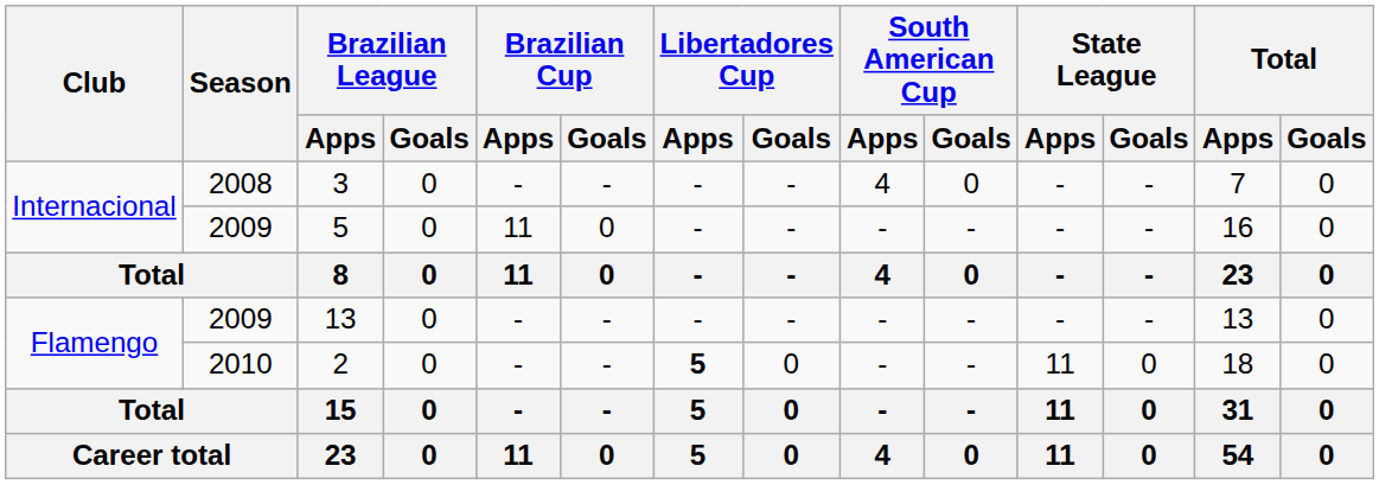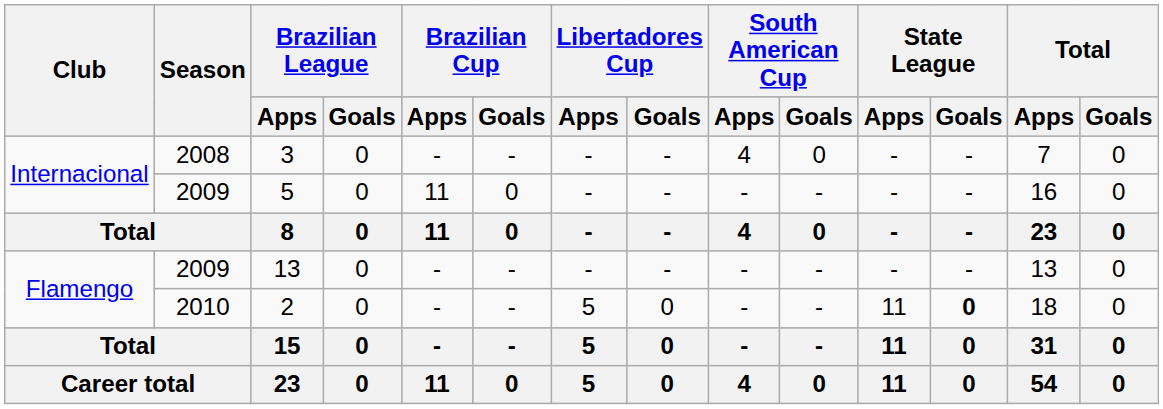 <table class="wikitable" style="text-align: center;">
 <tr>
 <th rowspan="2">Club</th>
 <th rowspan="2">Season</th>
 <th colspan="2"><a href='#'>Brazilian League</a></th>
 <th colspan="2"><a href='#'>Brazilian Cup</a></th>
 <th colspan="2"><a href='#'>Libertadores Cup</a></th>
 <th colspan="2"><a href='#'>South American Cup</a></th>
 <th colspan="2">State League</th>
 <th colspan="2">Total</th>
 </tr>
 <tr>
 <th>Apps</th>
 <th>Goals</th>
 <th>Apps</th>
 <th>Goals</th>
 <th>Apps</th>
 <th>Goals</th>
 <th>Apps</th>
 <th>Goals</th>
 <th>Apps</th>
 <th>Goals</th>
 <th>Apps</th>
 <th>Goals</th>
 </tr>
 <tr>
 <td rowspan="2" valign="center"><a href='#'>Internacional</a></td>
 <td>2008</td>
 <td>3</td>
 <td>0</td>
 <td>-</td>
 <td>-</td>
 <td>-</td>
 <td>-</td>
 <td>4</td>
 <td>0</td>
 <td>-</td>
 <td>-</td>
 <td>7</td>
 <td>0</td>
 </tr>
 <tr>
 <td>2009</td>
 <td>5</td>
 <td>0</td>
 <td>11</td>
 <td>0</td>
 <td>-</td>
 <td>-</td>
 <td>-</td>
 <td>-</td>
 <td>-</td>
 <td>-</td>
 <td>16</td>
 <td>0</td>
 </tr>
 <tr>
 <th colspan="2"><strong>Total</strong></th>
 <th>8</th>
 <th>0</th>
 <th>11</th>
 <th>0</th>
 <th>-</th>
 <th>-</th>
 <th>4</th>
 <th>0</th>
 <th>-</th>
 <th>-</th>
 <th>23</th>
 <th>0</th>
 </tr>
 <tr>
 <td rowspan="2" valign="center"><a href='#'>Flamengo</a></td>
 <td>2009</td>
 <td>13</td>
 <td>0</td>
 <td>-</td>
 <td>-</td>
 <td>-</td>
 <td>-</td>
 <td>-</td>
 <td>-</td>
 <td>-</td>
 <td>-</td>
 <td>13</td>
 <td>0</td>
 </tr>
 <tr>
 <td>2010</td>
 <td>2</td>
 <td>0</td>
 <td>-</td>
 <td>-</td>
-<td><strong>5</strong></td>
+<td>5</td>
 <td>0</td>
 <td>-</td>
 <td>-</td>
 <td>11</td>
-<td>0</td>
+<td><strong>0</strong></td>
 <td>18</td>
 <td>0</td>
 </tr>
 <tr>
 <th colspan="2"><strong>Total</strong></th>
 <th>15</th>
 <th>0</th>
 <th>-</th>
 <th>-</th>
 <th>5</th>
 <th>0</th>
 <th>-</th>
 <th>-</th>
 <th>11</th>
 <th>0</th>
 <th>31</th>
 <th>0</th>
 </tr>
 <tr>
 <th colspan="2"><strong>Career total</strong></th>
 <th>23</th>
 <th>0</th>
 <th>11</th>
 <th>0</th>
 <th>5</th>
 <th>0</th>
 <th>4</th>
 <th>0</th>
 <th>11</th>
 <th>0</th>
 <th>54</th>
 <th>0</th>
 </tr>
 </table>
